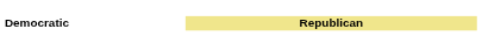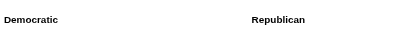 <table style="width:50em; text-align:center">
 <tr style="color:white">
 <td style="background:"><strong>64</strong></td>
 <td style="background:"><strong>34</strong></td>
 </tr>
 <tr>
 <td><span><strong>Democratic</strong></span></td>
-<td style="background: khaki;"><span><strong>Republican</strong></span></td>
+<td><span><strong>Republican</strong></span></td>
 </tr>
 </table>
